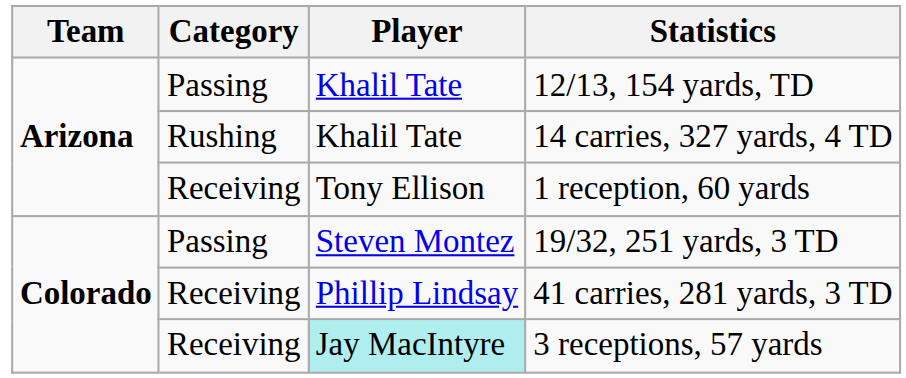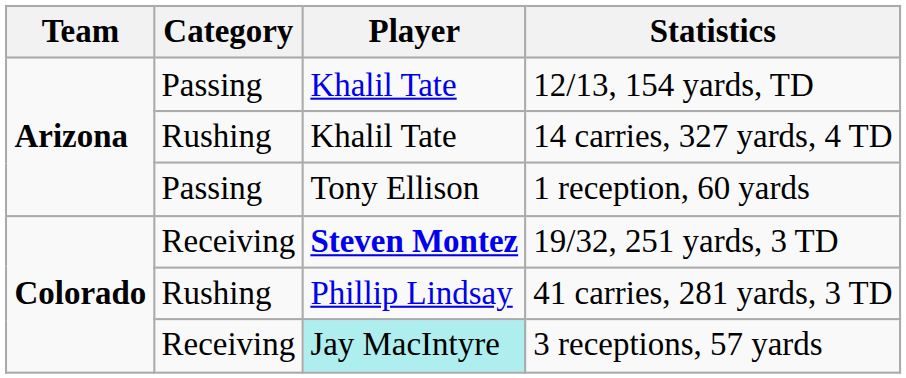 <table class="wikitable" style="float: right;">
 <tr>
 <th>Team</th>
 <th>Category</th>
 <th>Player</th>
 <th>Statistics</th>
 </tr>
 <tr>
 <td rowspan=3><strong>Arizona</strong></td>
 <td>Passing</td>
 <td><a href='#'>Khalil Tate</a></td>
 <td>12/13, 154 yards, TD</td>
 </tr>
 <tr>
 <td>Rushing</td>
 <td>Khalil Tate</td>
 <td>14 carries, 327 yards, 4 TD</td>
 </tr>
 <tr>
-<td>Receiving</td>
+<td>Passing</td>
 <td>Tony Ellison</td>
 <td>1 reception, 60 yards</td>
 </tr>
 <tr>
 <td rowspan=3><strong>Colorado</strong></td>
-<td>Passing</td>
-<td><a href='#'>Steven Montez</a></td>
+<td>Receiving</td>
+<td><strong><a href='#'>Steven Montez</a></strong></td>
 <td>19/32, 251 yards, 3 TD</td>
 </tr>
 <tr>
-<td>Receiving</td>
+<td>Rushing</td>
 <td><a href='#'>Phillip Lindsay</a></td>
 <td>41 carries, 281 yards, 3 TD</td>
 </tr>
 <tr>
 <td>Receiving</td>
 <td style="background: paleturquoise;">Jay MacIntyre</td>
 <td>3 receptions, 57 yards</td>
 </tr>
 </table>
